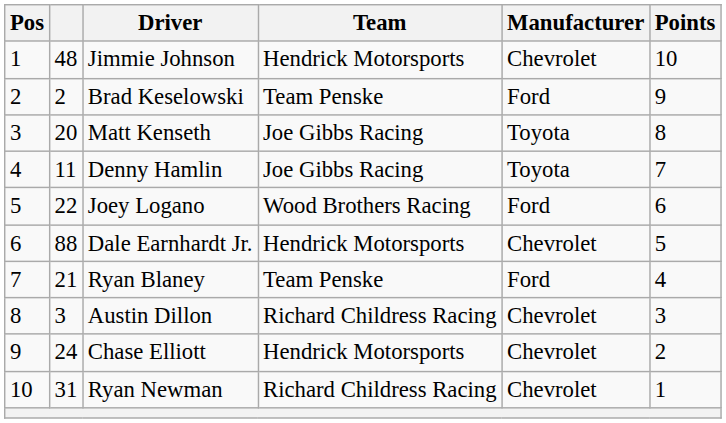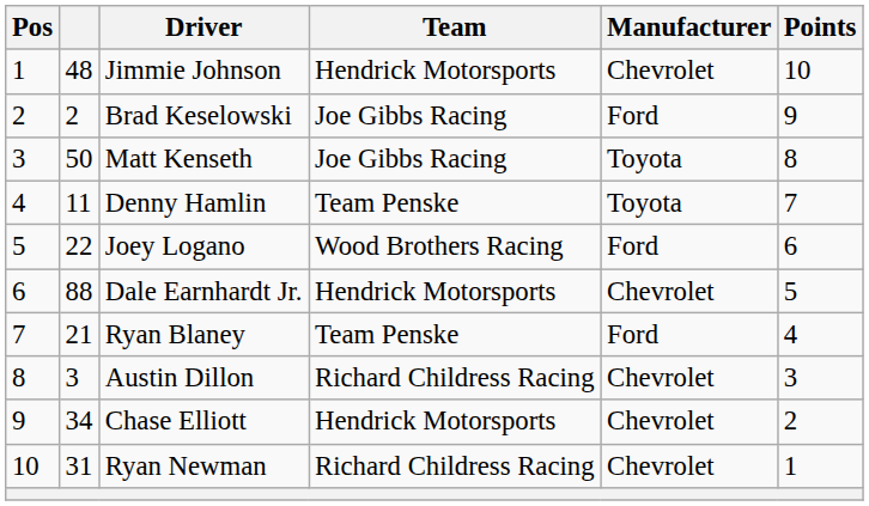 <table class="wikitable" style="font-size:98%">
 <tr>
 <th>Pos</th>
 <th></th>
 <th>Driver</th>
 <th>Team</th>
 <th>Manufacturer</th>
 <th>Points</th>
 </tr>
 <tr>
 <td>1</td>
 <td>48</td>
 <td>Jimmie Johnson</td>
 <td>Hendrick Motorsports</td>
 <td>Chevrolet</td>
 <td>10</td>
 </tr>
 <tr>
 <td>2</td>
 <td>2</td>
 <td>Brad Keselowski</td>
-<td>Team Penske</td>
+<td>Joe Gibbs Racing</td>
 <td>Ford</td>
 <td>9</td>
 </tr>
 <tr>
 <td>3</td>
-<td>20</td>
+<td>50</td>
 <td>Matt Kenseth</td>
 <td>Joe Gibbs Racing</td>
 <td>Toyota</td>
 <td>8</td>
 </tr>
 <tr>
 <td>4</td>
 <td>11</td>
 <td>Denny Hamlin</td>
-<td>Joe Gibbs Racing</td>
+<td>Team Penske</td>
 <td>Toyota</td>
 <td>7</td>
 </tr>
 <tr>
 <td>5</td>
 <td>22</td>
 <td>Joey Logano</td>
 <td>Wood Brothers Racing</td>
 <td>Ford</td>
 <td>6</td>
 </tr>
 <tr>
 <td>6</td>
 <td>88</td>
 <td>Dale Earnhardt Jr.</td>
 <td>Hendrick Motorsports</td>
 <td>Chevrolet</td>
 <td>5</td>
 </tr>
 <tr>
 <td>7</td>
 <td>21</td>
 <td>Ryan Blaney</td>
 <td>Team Penske</td>
 <td>Ford</td>
 <td>4</td>
 </tr>
 <tr>
 <td>8</td>
 <td>3</td>
 <td>Austin Dillon</td>
 <td>Richard Childress Racing</td>
 <td>Chevrolet</td>
 <td>3</td>
 </tr>
 <tr>
 <td>9</td>
-<td>24</td>
+<td>34</td>
 <td>Chase Elliott</td>
 <td>Hendrick Motorsports</td>
 <td>Chevrolet</td>
 <td>2</td>
 </tr>
 <tr>
 <td>10</td>
 <td>31</td>
 <td>Ryan Newman</td>
 <td>Richard Childress Racing</td>
 <td>Chevrolet</td>
 <td>1</td>
 </tr>
 <tr>
 <th colspan="6"></th>
 </tr>
 </table>
